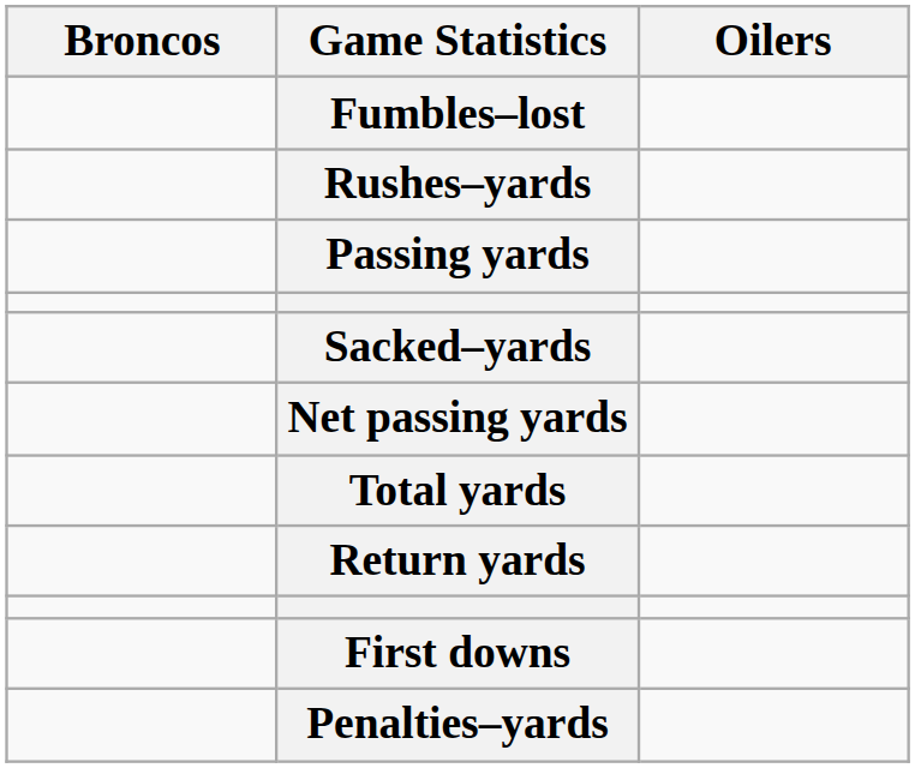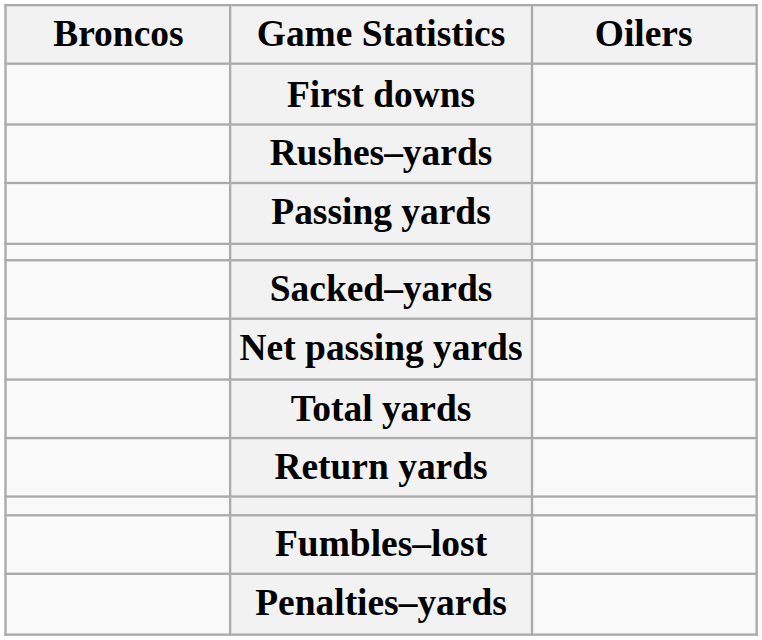 <table class="wikitable" style="margin: 1em auto 1em auto">
 <tr>
 <th style="width:30%;">Broncos</th>
 <th style="width:40%;">Game Statistics</th>
 <th style="width:30%;">Oilers</th>
 </tr>
 <tr>
 <td style="text-align:right;"></td>
-<th>Fumbles–lost</th>
+<th>First downs</th>
 <td></td>
 </tr>
 <tr>
 <td style="text-align:right;"></td>
 <th>Rushes–yards</th>
 <td></td>
 </tr>
 <tr>
 <td style="text-align:right;"></td>
 <th>Passing yards</th>
 <td></td>
 </tr>
 <tr>
 <td style="text-align:right;"></td>
 <th></th>
 <td></td>
 </tr>
 <tr>
 <td style="text-align:right;"></td>
 <th>Sacked–yards</th>
 <td></td>
 </tr>
 <tr>
 <td style="text-align:right;"></td>
 <th>Net passing yards</th>
 <td></td>
 </tr>
 <tr>
 <td style="text-align:right;"></td>
 <th>Total yards</th>
 <td></td>
 </tr>
 <tr>
 <td style="text-align:right;"></td>
 <th>Return yards</th>
 <td></td>
 </tr>
 <tr>
 <td style="text-align:right;"></td>
 <th></th>
 <td></td>
 </tr>
 <tr>
 <td style="text-align:right;"></td>
-<th>First downs</th>
+<th>Fumbles–lost</th>
 <td></td>
 </tr>
 <tr>
 <td style="text-align:right;"></td>
 <th>Penalties–yards</th>
 <td></td>
 </tr>
 </table>
